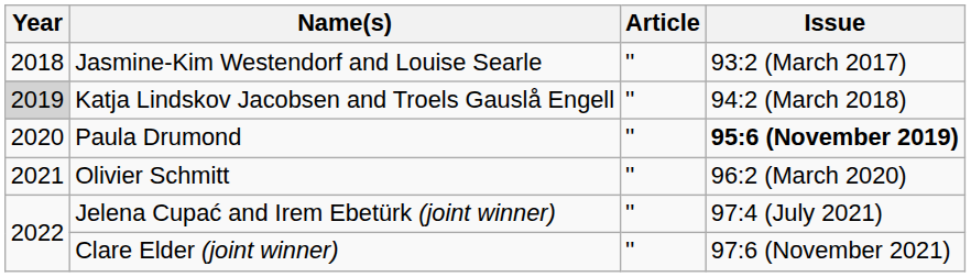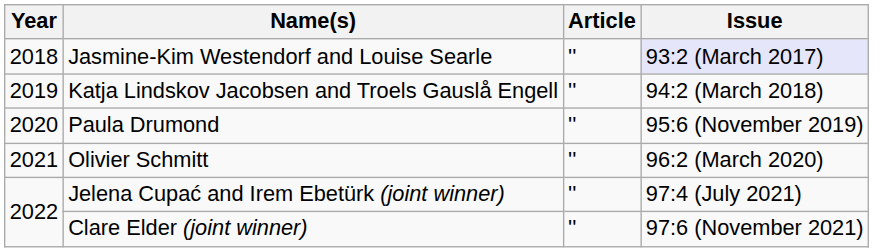 <table class="wikitable">
 <tr>
 <th>Year</th>
 <th>Name(s)</th>
 <th>Article</th>
 <th>Issue</th>
 </tr>
 <tr>
 <td>2018</td>
 <td>Jasmine-Kim Westendorf and Louise Searle</td>
 <td>''</td>
-<td>93:2 (March 2017)</td>
+<td style="background: lavender;">93:2 (March 2017)</td>
 </tr>
 <tr>
-<td style="background: lightgrey;">2019</td>
+<td>2019</td>
 <td>Katja Lindskov Jacobsen and Troels Gauslå Engell</td>
 <td>''</td>
 <td>94:2 (March 2018)</td>
 </tr>
 <tr>
 <td>2020</td>
 <td>Paula Drumond</td>
 <td>''</td>
-<td><strong>95:6 (November 2019)</strong></td>
+<td>95:6 (November 2019)</td>
 </tr>
 <tr>
 <td>2021</td>
 <td>Olivier Schmitt</td>
 <td>''</td>
 <td>96:2 (March 2020)</td>
 </tr>
 <tr>
 <td rowspan="2">2022</td>
 <td>Jelena Cupać and Irem Ebetürk <em>(joint winner)</em></td>
 <td>''</td>
 <td>97:4 (July 2021)</td>
 </tr>
 <tr>
 <td>Clare Elder <em>(joint winner)</em></td>
 <td>''</td>
 <td>97:6 (November 2021)</td>
 </tr>
 </table>
